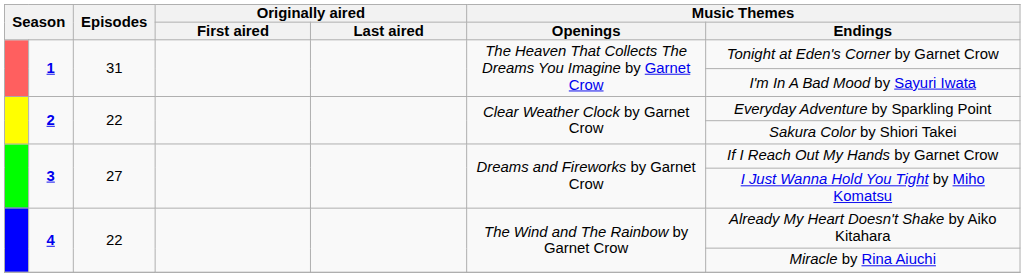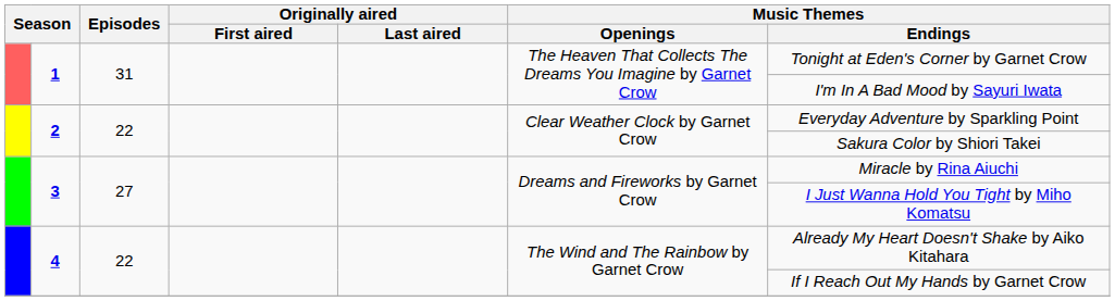 <table class="wikitable" style="text-align:center">
 <tr>
 <th style="padding:0 8px;" colspan="2" rowspan="2">Season</th>
 <th style="padding:0 8px;" rowspan="2">Episodes</th>
 <th style="padding:0 8px;" colspan="2">Originally aired</th>
 <th style="padding:0 8px;" colspan="2">Music Themes</th>
 </tr>
 <tr>
 <th style="padding:0 8px;">First aired</th>
 <th style="padding:0 8px;">Last aired</th>
 <th style="padding:0 8px;">Openings</th>
 <th style="padding:0 8px;">Endings</th>
 </tr>
 <tr>
 <td width="15px" bgcolor="#FF5F5F" rowspan="2"></td>
 <td width="35px" rowspan="2"><strong><a href='#'>1</a></strong></td>
 <td width="50px" rowspan="2">31</td>
 <td align="center" width="160" rowspan="2"></td>
 <td align="center" width="160" rowspan="2"></td>
 <td align="center" width="250" rowspan="2"><em>The Heaven That Collects The Dreams You Imagine</em> by <a href='#'>Garnet Crow</a></td>
 <td align="center" width="330"><em>Tonight at Eden's Corner</em> by Garnet Crow</td>
 </tr>
 <tr>
 <td align="center" width="330"><em>I'm In A Bad Mood</em> by <a href='#'>Sayuri Iwata</a></td>
 </tr>
 <tr>
 <td width="15px" bgcolor="#FFFF00" rowspan="2"></td>
 <td width="35px" rowspan="2"><strong><a href='#'>2</a></strong></td>
 <td width="50px" rowspan="2">22</td>
 <td align="center" width="160" rowspan="2"></td>
 <td align="center" width="160" rowspan="2"></td>
 <td align="center" width="250" rowspan="2"><em>Clear Weather Clock</em> by Garnet Crow</td>
 <td align="center" width="330"><em>Everyday Adventure</em> by Sparkling Point</td>
 </tr>
 <tr>
 <td align="center" width="330"><em>Sakura Color</em> by Shiori Takei</td>
 </tr>
 <tr>
 <td width="15px" bgcolor="#00FF00" rowspan="2"></td>
 <td width="35px" rowspan="2"><strong><a href='#'>3</a></strong></td>
 <td width="50px" rowspan="2">27</td>
 <td align="center" width="160" rowspan="2"></td>
 <td align="center" width="160" rowspan="2"></td>
 <td align="center" width="250" rowspan="2"><em>Dreams and Fireworks</em> by Garnet Crow</td>
-<td align="center" width="330"><em>If I Reach Out My Hands</em> by Garnet Crow</td>
+<td align="center" width="330"><em>Miracle</em> by <a href='#'>Rina Aiuchi</a></td>
 </tr>
 <tr>
 <td align="center" width="330"><em><a href='#'>I Just Wanna Hold You Tight</a></em> by <a href='#'>Miho Komatsu</a></td>
 </tr>
 <tr>
 <td width="15px" bgcolor="#0000FF" rowspan="2"></td>
 <td width="35px" rowspan="2"><strong><a href='#'>4</a></strong></td>
 <td width="50px" rowspan="2">22</td>
 <td align="center" width="160" rowspan="2"></td>
 <td align="center" width="160" rowspan="2"></td>
 <td align="center" width="250" rowspan="2"><em>The Wind and The Rainbow</em> by Garnet Crow</td>
 <td align="center" width="330"><em>Already My Heart Doesn't Shake</em> by Aiko Kitahara</td>
 </tr>
 <tr>
-<td align="center" width="330"><em>Miracle</em> by <a href='#'>Rina Aiuchi</a></td>
+<td align="center" width="330"><em>If I Reach Out My Hands</em> by Garnet Crow</td>
 </tr>
 <tr>
 </tr>
 </table>
